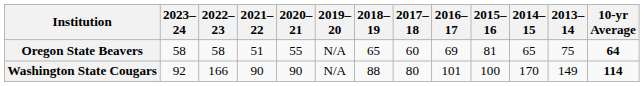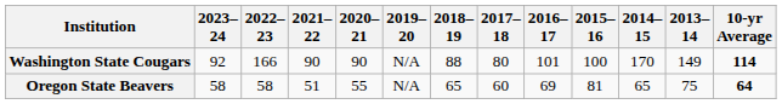 <table class="wikitable sortable" style="text-align: center;">
 <tr>
 <th scope="col">Institution</th>
 <th>2023–<br>24</th>
 <th>2022–<br>23</th>
 <th scope="col">2021–<br>22</th>
 <th scope="col">2020–<br>21</th>
 <th scope="col">2019–<br>20</th>
 <th scope="col">2018–<br>19</th>
 <th scope="col">2017–<br>18</th>
 <th scope="col">2016–<br>17</th>
 <th scope="col">2015–<br>16</th>
 <th scope="col">2014–<br>15</th>
 <th scope="col">2013–<br>14</th>
 <th scope="col">10-yr<br>Average</th>
 </tr>
 <tr>
+<th>Washington State Cougars</th>
+<td>92</td>
+<td>166</td>
+<td>90</td>
+<td>90</td>
+<td>N/A</td>
+<td>88</td>
+<td>80</td>
+<td>101</td>
+<td>100</td>
+<td>170</td>
+<td>149</td>
+<td><strong>114</strong></td>
+</tr>
+<tr>
 <th>Oregon State Beavers</th>
 <td>58</td>
 <td>58</td>
 <td>51</td>
 <td>55</td>
 <td>N/A</td>
 <td>65</td>
 <td>60</td>
 <td>69</td>
 <td>81</td>
 <td>65</td>
 <td>75</td>
 <td><strong>64</strong></td>
 </tr>
-<tr>
-<th>Washington State Cougars</th>
-<td>92</td>
-<td>166</td>
-<td>90</td>
-<td>90</td>
-<td>N/A</td>
-<td>88</td>
-<td>80</td>
-<td>101</td>
-<td>100</td>
-<td>170</td>
-<td>149</td>
-<td><strong>114</strong></td>
-</tr>
 </table>
